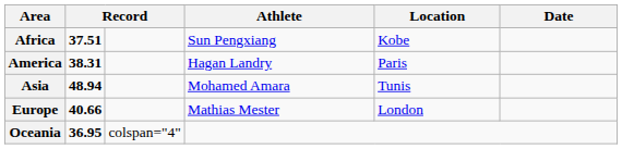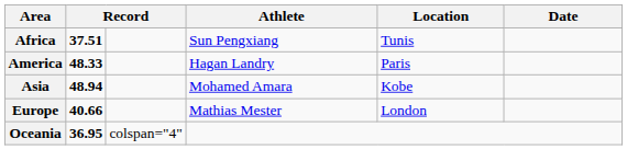 <table class="wikitable">
 <tr>
 <th width="45">Area</th>
 <th width="80" colspan="2">Record</th>
 <th width="200">Athlete</th>
 <th width="130">Location</th>
 <th width="120">Date</th>
 </tr>
 <tr>
 <th>Africa</th>
 <td align="center"><strong>37.51</strong></td>
 <td align="center"></td>
 <td> <a href='#'>Sun Pengxiang</a></td>
-<td> <a href='#'>Kobe</a></td>
+<td> <a href='#'>Tunis</a></td>
 <td align="right"></td>
 </tr>
 <tr>
 <th>America</th>
-<td align="center"><strong>38.31</strong></td>
+<td align="center"><strong>48.33</strong></td>
 <td align="center"></td>
 <td> <a href='#'>Hagan Landry</a></td>
 <td> <a href='#'>Paris</a></td>
 <td align="right"></td>
 </tr>
 <tr>
 <th>Asia</th>
 <td align="center"><strong>48.94</strong></td>
 <td align="center"><strong></strong></td>
 <td> <a href='#'>Mohamed Amara</a></td>
-<td> <a href='#'>Tunis</a></td>
+<td> <a href='#'>Kobe</a></td>
 <td align="right"></td>
 </tr>
 <tr>
 <th>Europe</th>
 <td align="center"><strong>40.66</strong></td>
 <td align="center"></td>
 <td> <a href='#'>Mathias Mester</a></td>
 <td> <a href='#'>London</a></td>
 <td align="right"></td>
 </tr>
 <tr>
 <th>Oceania</th>
 <td align="center"><strong>36.95</strong></td>
 <td>colspan="4" </td>
 </tr>
 </table>
